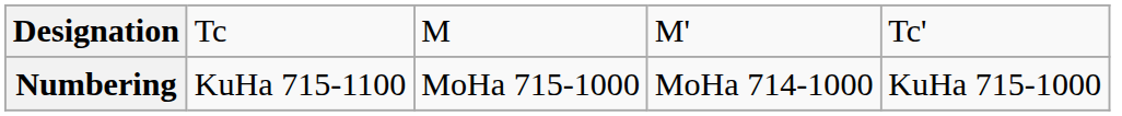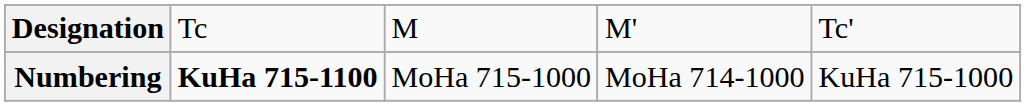 <table class="wikitable">
 <tr>
 <th>Designation</th>
 <td>Tc</td>
 <td>M</td>
 <td>M'</td>
 <td>Tc'</td>
 </tr>
 <tr>
 <th>Numbering</th>
-<td>KuHa 715-1100</td>
+<td><strong>KuHa 715-1100</strong></td>
 <td>MoHa 715-1000</td>
 <td>MoHa 714-1000</td>
 <td>KuHa 715-1000</td>
 </tr>
 </table>
